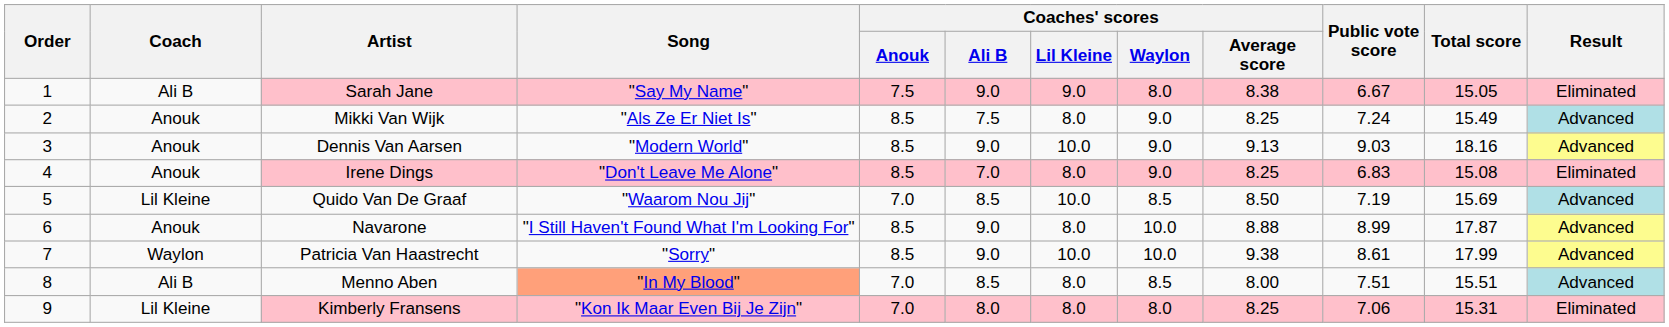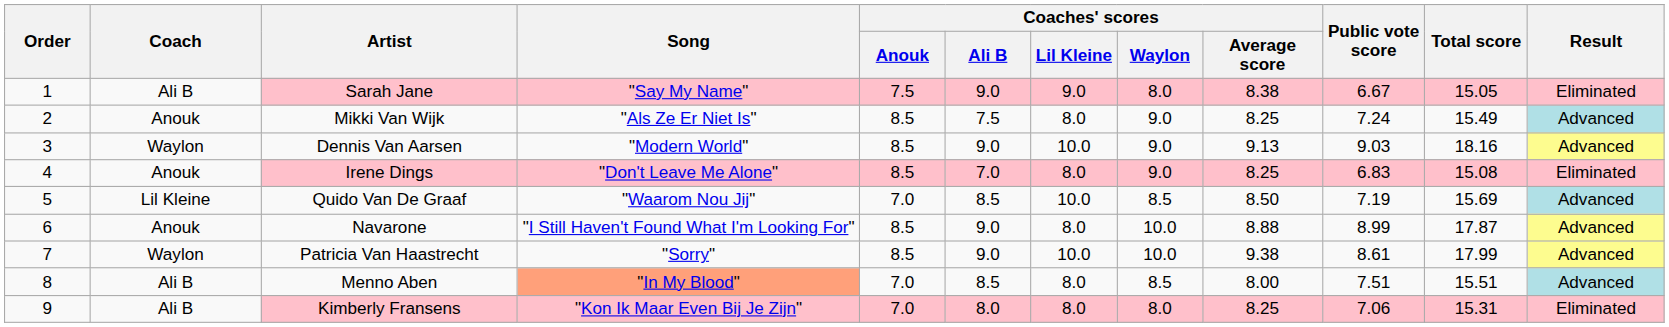 <table class="wikitable" style="text-align:center; width:98%;">
 <tr>
 <th scope="col" rowspan="2" style="width:05%;">Order</th>
 <th scope="col" rowspan="2" style="width:10%;">Coach</th>
 <th scope="col" rowspan="2" style="width:15%;">Artist</th>
 <th scope="col" rowspan="2" style="width:20%;">Song</th>
 <th scope="col" colspan="5" style="width:20%;">Coaches' scores</th>
 <th scope="col" rowspan="2" style="width:6%;">Public vote score</th>
 <th scope="col" rowspan="2" style="width:6%;">Total score</th>
 <th scope="col" rowspan="2" style="width:8%;">Result</th>
 </tr>
 <tr>
 <th style="width:5%;"><a href='#'>Anouk</a></th>
 <th style="width:5%;"><a href='#'>Ali B</a></th>
 <th nowrap style="width:5%;"><a href='#'>Lil Kleine</a></th>
 <th style="width:5%;"><a href='#'>Waylon</a></th>
 <th style="width:7%;">Average score</th>
 </tr>
 <tr>
 <td>1</td>
 <td>Ali B</td>
 <td style="background:pink;">Sarah Jane</td>
 <td style="background:pink;">"<a href='#'>Say My Name</a>"</td>
 <td style="background:pink;">7.5</td>
 <td style="background:pink;">9.0</td>
 <td style="background:pink;">9.0</td>
 <td style="background:pink;">8.0</td>
 <td style="background:pink;">8.38</td>
 <td style="background:pink;">6.67</td>
 <td style="background:pink;">15.05</td>
 <td style="background:pink;">Eliminated</td>
 </tr>
 <tr>
 <td>2</td>
 <td>Anouk</td>
 <td>Mikki Van Wijk</td>
 <td>"<a href='#'>Als Ze Er Niet Is</a>"</td>
 <td>8.5</td>
 <td>7.5</td>
 <td>8.0</td>
 <td>9.0</td>
 <td>8.25</td>
 <td>7.24</td>
 <td>15.49</td>
 <td style="background:#B0E0E6">Advanced</td>
 </tr>
 <tr>
 <td>3</td>
-<td>Anouk</td>
+<td>Waylon</td>
 <td>Dennis Van Aarsen</td>
 <td>"<a href='#'>Modern World</a>"</td>
 <td>8.5</td>
 <td>9.0</td>
 <td>10.0</td>
 <td>9.0</td>
 <td>9.13</td>
 <td>9.03</td>
 <td>18.16</td>
 <td style="background:#fdfc8f;">Advanced</td>
 </tr>
 <tr>
 <td>4</td>
 <td>Anouk</td>
 <td style="background:pink;">Irene Dings</td>
 <td style="background:pink;">"<a href='#'>Don't Leave Me Alone</a>"</td>
 <td style="background:pink;">8.5</td>
 <td style="background:pink;">7.0</td>
 <td style="background:pink;">8.0</td>
 <td style="background:pink;">9.0</td>
 <td style="background:pink;">8.25</td>
 <td style="background:pink;">6.83</td>
 <td style="background:pink;">15.08</td>
 <td style="background:pink;">Eliminated</td>
 </tr>
 <tr>
 <td>5</td>
 <td>Lil Kleine</td>
 <td>Quido Van De Graaf</td>
 <td>"<a href='#'>Waarom Nou Jij</a>"</td>
 <td>7.0</td>
 <td>8.5</td>
 <td>10.0</td>
 <td>8.5</td>
 <td>8.50</td>
 <td>7.19</td>
 <td>15.69</td>
 <td style="background:#B0E0E6">Advanced</td>
 </tr>
 <tr>
 <td>6</td>
 <td>Anouk</td>
 <td>Navarone</td>
 <td>"<a href='#'>I Still Haven't Found What I'm Looking For</a>"</td>
 <td>8.5</td>
 <td>9.0</td>
 <td>8.0</td>
 <td>10.0</td>
 <td>8.88</td>
 <td>8.99</td>
 <td>17.87</td>
 <td style="background:#fdfc8f;">Advanced</td>
 </tr>
 <tr>
 <td>7</td>
 <td>Waylon</td>
 <td>Patricia Van Haastrecht</td>
 <td>"<a href='#'>Sorry</a>"</td>
 <td>8.5</td>
 <td>9.0</td>
 <td>10.0</td>
 <td>10.0</td>
 <td>9.38</td>
 <td>8.61</td>
 <td>17.99</td>
 <td style="background:#fdfc8f;">Advanced</td>
 </tr>
 <tr>
 <td>8</td>
 <td>Ali B</td>
 <td>Menno Aben</td>
 <td style="background: lightsalmon;">"<a href='#'>In My Blood</a>"</td>
 <td>7.0</td>
 <td>8.5</td>
 <td>8.0</td>
 <td>8.5</td>
 <td>8.00</td>
 <td>7.51</td>
 <td>15.51</td>
 <td style="background:#B0E0E6">Advanced</td>
 </tr>
 <tr>
 <td>9</td>
-<td>Lil Kleine</td>
+<td>Ali B</td>
 <td style="background:pink;">Kimberly Fransens</td>
 <td style="background:pink;">"<a href='#'>Kon Ik Maar Even Bij Je Zijn</a>"</td>
 <td style="background:pink;">7.0</td>
 <td style="background:pink;">8.0</td>
 <td style="background:pink;">8.0</td>
 <td style="background:pink;">8.0</td>
 <td style="background:pink;">8.25</td>
 <td style="background:pink;">7.06</td>
 <td style="background:pink;">15.31</td>
 <td style="background:pink;">Eliminated</td>
 </tr>
 </table>
